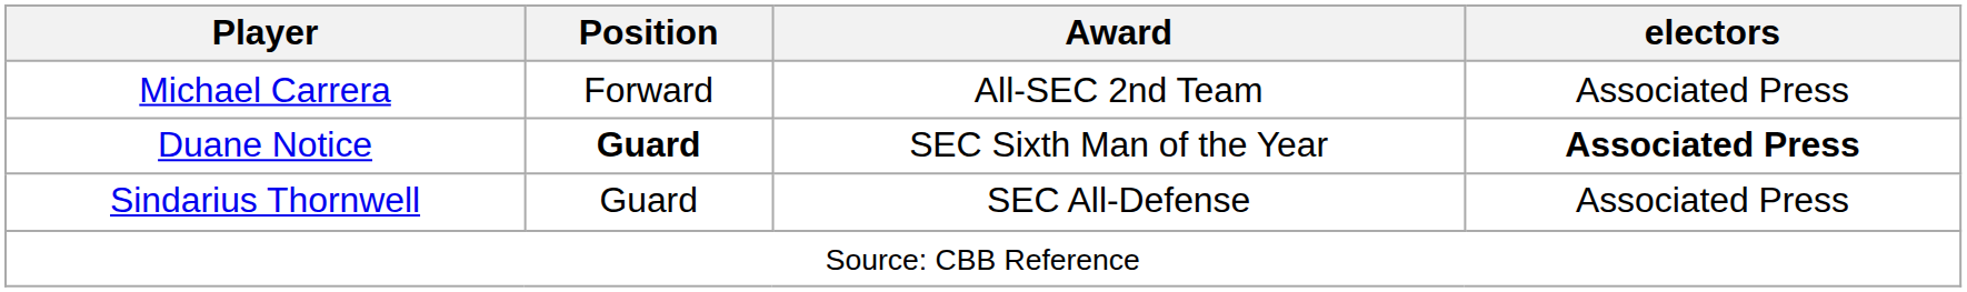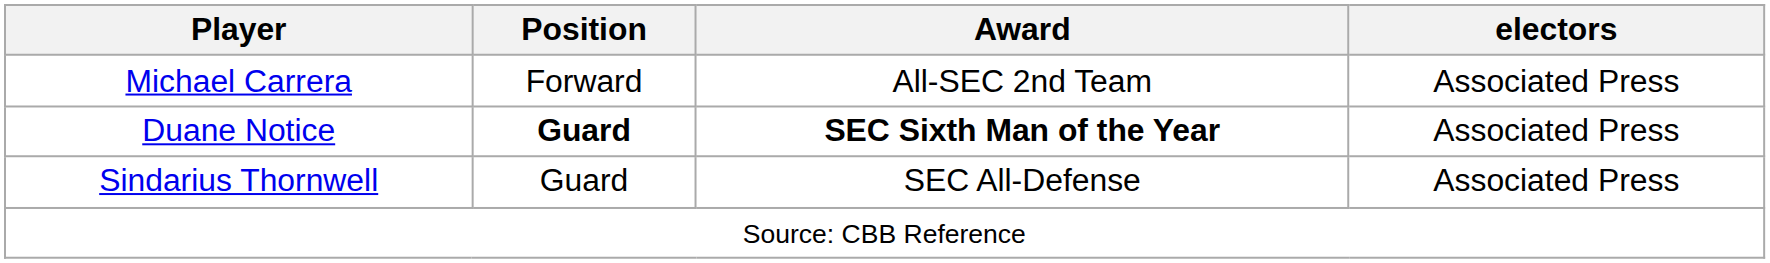 <table class="wikitable" style="background:white; min-width:70%">
 <tr>
 <th>Player</th>
 <th>Position</th>
 <th>Award</th>
 <th>electors</th>
 </tr>
 <tr style="text-align:center;">
 <td><a href='#'>Michael Carrera</a></td>
 <td>Forward</td>
 <td>All-SEC 2nd Team</td>
 <td>Associated Press</td>
 </tr>
 <tr style="text-align:center;">
 <td><a href='#'>Duane Notice</a></td>
 <td><strong>Guard</strong></td>
-<td>SEC Sixth Man of the Year</td>
-<td><strong>Associated Press</strong></td>
+<td><strong>SEC Sixth Man of the Year</strong></td>
+<td>Associated Press</td>
 </tr>
 <tr style="text-align:center;">
 <td><a href='#'>Sindarius Thornwell</a></td>
 <td>Guard</td>
 <td>SEC All-Defense</td>
 <td>Associated Press</td>
 </tr>
 <tr style="text-align:center;">
 <td colspan=4><small>Source: CBB Reference</small></td>
 </tr>
 </table>
